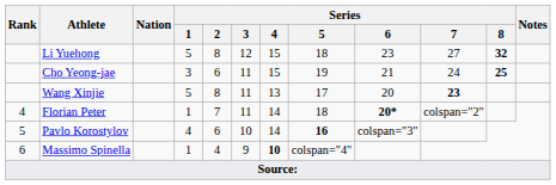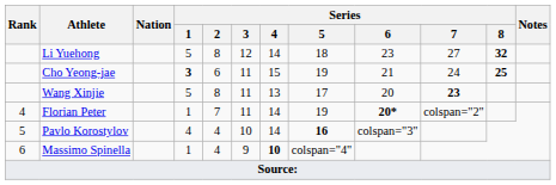 <table class="wikitable" style="text-align:center">
 <tr>
 <th rowspan="2">Rank</th>
 <th rowspan="2">Athlete</th>
 <th rowspan="2">Nation</th>
 <th colspan="8">Series</th>
 <th rowspan="2">Notes</th>
 </tr>
 <tr>
 <th width=30>1</th>
 <th width=30>2</th>
 <th width=30>3</th>
 <th width=30>4</th>
 <th width=30>5</th>
 <th width=30>6</th>
 <th width=30>7</th>
 <th width=30>8</th>
 </tr>
 <tr>
 <td></td>
 <td align="left"><a href='#'>Li Yuehong</a></td>
 <td align="left"></td>
 <td>5</td>
 <td>8</td>
 <td>12</td>
-<td>15</td>
+<td>14</td>
 <td>18</td>
 <td>23</td>
 <td>27</td>
 <td><strong>32</strong></td>
 <td></td>
 </tr>
 <tr>
 <td></td>
 <td align="left"><a href='#'>Cho Yeong-jae</a></td>
 <td align="left"></td>
-<td>3</td>
+<td><strong>3</strong></td>
 <td>6</td>
 <td>11</td>
 <td>15</td>
 <td>19</td>
 <td>21</td>
 <td>24</td>
 <td><strong>25</strong></td>
 <td></td>
 </tr>
 <tr>
 <td></td>
 <td align="left"><a href='#'>Wang Xinjie</a></td>
 <td align="left"></td>
 <td>5</td>
 <td>8</td>
 <td>11</td>
 <td>13</td>
 <td>17</td>
 <td>20</td>
 <td><strong>23</strong></td>
 <td></td>
 <td></td>
 </tr>
 <tr>
 <td>4</td>
 <td align="left"><a href='#'>Florian Peter</a></td>
 <td align="left"></td>
 <td>1</td>
 <td>7</td>
 <td>11</td>
 <td>14</td>
-<td>18</td>
+<td>19</td>
 <td><strong>20*</strong></td>
 <td>colspan="2" </td>
 <td></td>
 </tr>
 <tr>
 <td>5</td>
 <td align="left"><a href='#'>Pavlo Korostylov</a></td>
 <td align="left"></td>
 <td>4</td>
-<td>6</td>
+<td>4</td>
 <td>10</td>
 <td>14</td>
 <td><strong>16</strong></td>
 <td>colspan="3" </td>
 <td></td>
 </tr>
 <tr>
 <td>6</td>
 <td align="left"><a href='#'>Massimo Spinella</a></td>
 <td align="left"></td>
 <td>1</td>
 <td>4</td>
 <td>9</td>
 <td><strong>10</strong></td>
 <td>colspan="4" </td>
 <td></td>
 </tr>
 <tr>
 <th colspan="12" style="background-color:#EAECF0;text-align:center"><strong>Source:</strong></th>
 </tr>
 </table>
